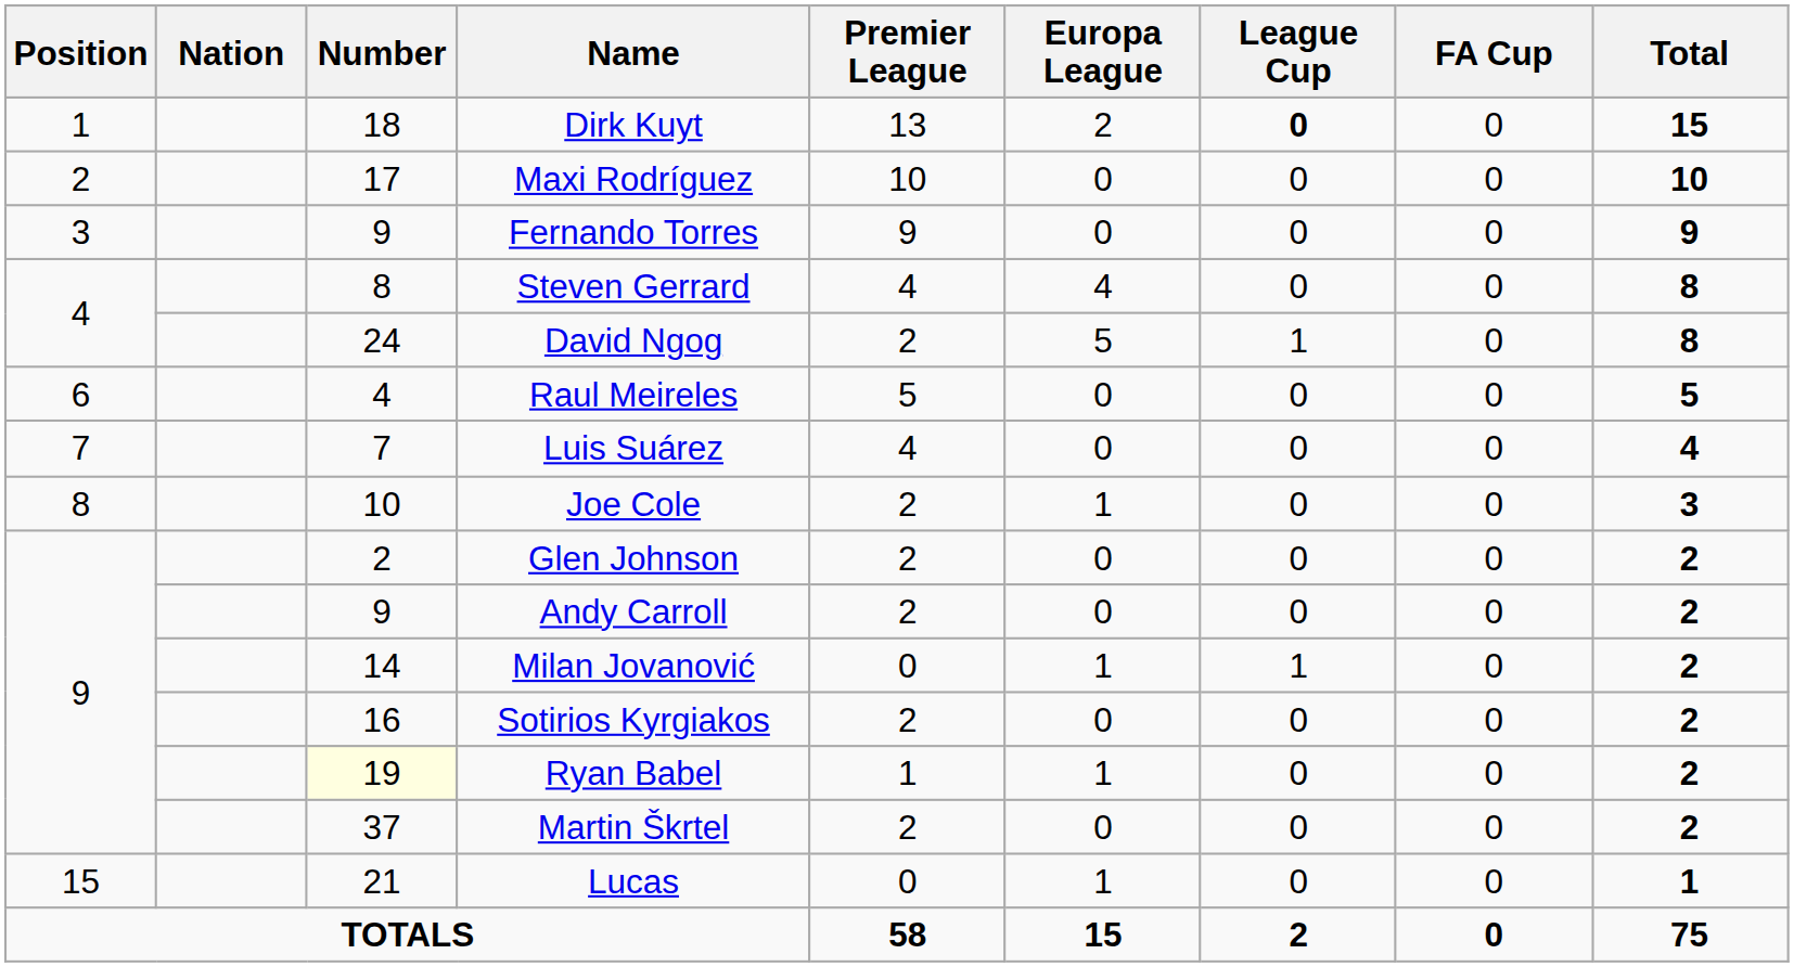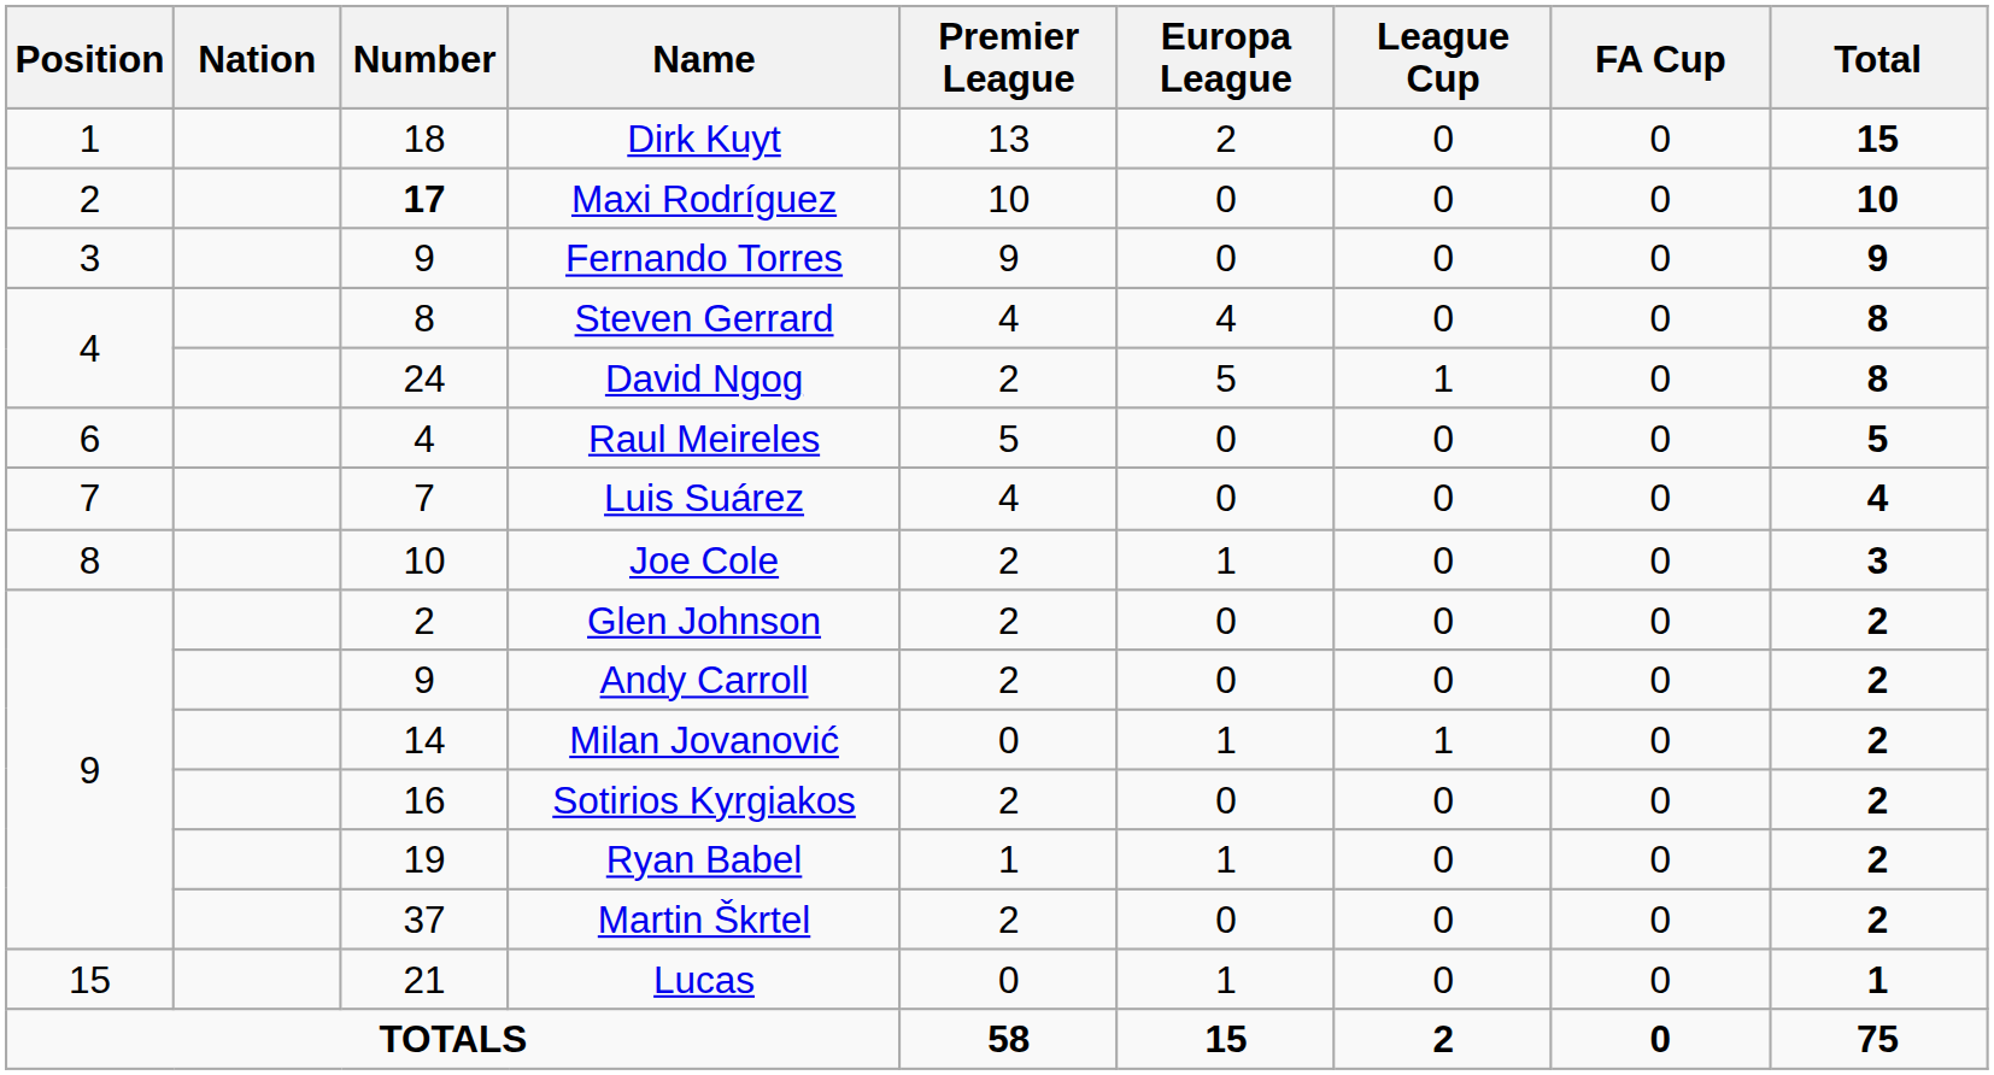 <table class="wikitable" style="font-size: 95%; text-align: center;">
 <tr>
 <th width=60>Position</th>
 <th width=60>Nation</th>
 <th width=60>Number</th>
 <th width=150>Name</th>
 <th width=80>Premier League</th>
 <th width=80>Europa League</th>
 <th width=80>League Cup</th>
 <th width=80>FA Cup</th>
 <th width=80>Total</th>
 </tr>
 <tr>
 <td>1</td>
 <td></td>
 <td>18</td>
 <td><a href='#'>Dirk Kuyt</a></td>
 <td>13</td>
 <td>2</td>
-<td><strong>0</strong></td>
+<td>0</td>
 <td>0</td>
 <td><strong>15</strong></td>
 </tr>
 <tr>
 <td>2</td>
 <td></td>
-<td>17</td>
+<td><strong>17</strong></td>
 <td><a href='#'>Maxi Rodríguez</a></td>
 <td>10</td>
 <td>0</td>
 <td>0</td>
 <td>0</td>
 <td><strong>10</strong></td>
 </tr>
 <tr>
 <td>3</td>
 <td></td>
 <td>9</td>
 <td><a href='#'>Fernando Torres</a></td>
 <td>9</td>
 <td>0</td>
 <td>0</td>
 <td>0</td>
 <td><strong>9</strong></td>
 </tr>
 <tr>
 <td rowspan=2>4</td>
 <td></td>
 <td>8</td>
 <td><a href='#'>Steven Gerrard</a></td>
 <td>4</td>
 <td>4</td>
 <td>0</td>
 <td>0</td>
 <td><strong>8</strong></td>
 </tr>
 <tr>
 <td></td>
 <td>24</td>
 <td><a href='#'>David Ngog</a></td>
 <td>2</td>
 <td>5</td>
 <td>1</td>
 <td>0</td>
 <td><strong>8</strong></td>
 </tr>
 <tr>
 <td>6</td>
 <td></td>
 <td>4</td>
 <td><a href='#'>Raul Meireles</a></td>
 <td>5</td>
 <td>0</td>
 <td>0</td>
 <td>0</td>
 <td><strong>5</strong></td>
 </tr>
 <tr>
 <td>7</td>
 <td></td>
 <td>7</td>
 <td><a href='#'>Luis Suárez</a></td>
 <td>4</td>
 <td>0</td>
 <td>0</td>
 <td>0</td>
 <td><strong>4</strong></td>
 </tr>
 <tr>
 <td>8</td>
 <td></td>
 <td>10</td>
 <td><a href='#'>Joe Cole</a></td>
 <td>2</td>
 <td>1</td>
 <td>0</td>
 <td>0</td>
 <td><strong>3</strong></td>
 </tr>
 <tr>
 <td rowspan=6>9</td>
 <td></td>
 <td>2</td>
 <td><a href='#'>Glen Johnson</a></td>
 <td>2</td>
 <td>0</td>
 <td>0</td>
 <td>0</td>
 <td><strong>2</strong></td>
 </tr>
 <tr>
 <td></td>
 <td>9</td>
 <td><a href='#'>Andy Carroll</a></td>
 <td>2</td>
 <td>0</td>
 <td>0</td>
 <td>0</td>
 <td><strong>2</strong></td>
 </tr>
 <tr>
 <td></td>
 <td>14</td>
 <td><a href='#'>Milan Jovanović</a></td>
 <td>0</td>
 <td>1</td>
 <td>1</td>
 <td>0</td>
 <td><strong>2</strong></td>
 </tr>
 <tr>
 <td></td>
 <td>16</td>
 <td><a href='#'>Sotirios Kyrgiakos</a></td>
 <td>2</td>
 <td>0</td>
 <td>0</td>
 <td>0</td>
 <td><strong>2</strong></td>
 </tr>
 <tr>
 <td></td>
-<td style="background: lightyellow;">19</td>
+<td>19</td>
 <td><a href='#'>Ryan Babel</a></td>
 <td>1</td>
 <td>1</td>
 <td>0</td>
 <td>0</td>
 <td><strong>2</strong></td>
 </tr>
 <tr>
 <td></td>
 <td>37</td>
 <td><a href='#'>Martin Škrtel</a></td>
 <td>2</td>
 <td>0</td>
 <td>0</td>
 <td>0</td>
 <td><strong>2</strong></td>
 </tr>
 <tr>
 <td>15</td>
 <td></td>
 <td>21</td>
 <td><a href='#'>Lucas</a></td>
 <td>0</td>
 <td>1</td>
 <td>0</td>
 <td>0</td>
 <td><strong>1</strong></td>
 </tr>
 <tr>
 <td colspan="4"><strong>TOTALS</strong></td>
 <td><strong>58</strong></td>
 <td><strong>15</strong></td>
 <td><strong>2</strong></td>
 <td><strong>0</strong></td>
 <td><strong>75</strong></td>
 </tr>
 </table>
